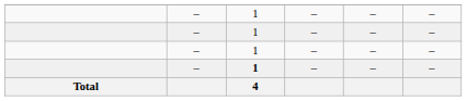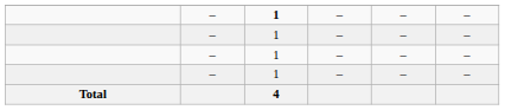 <table class="wikitable sortable" width ="50%">
 <tr align="center">
 </tr>
 <tr align="center" bgcolor="">
 <td></td>
 <td>–</td>
-<td>1</td>
+<td><strong>1</strong></td>
 <td>–</td>
 <td>–</td>
 <td>–</td>
 </tr>
 <tr align="center" bgcolor="f0f0f0">
 <td></td>
 <td>–</td>
 <td>1</td>
 <td>–</td>
 <td>–</td>
 <td>–</td>
 </tr>
 <tr align="center" bgcolor="">
 <td></td>
 <td>–</td>
 <td>1</td>
 <td>–</td>
 <td>–</td>
 <td>–</td>
 </tr>
 <tr align="center" bgcolor="f0f0f0">
 <td></td>
 <td>–</td>
-<td><strong>1</strong></td>
+<td>1</td>
 <td>–</td>
 <td>–</td>
 <td>–</td>
 </tr>
 <tr>
 <th>Total</th>
 <th></th>
 <th>4</th>
 <th></th>
 <th></th>
 <th></th>
 </tr>
 </table>
